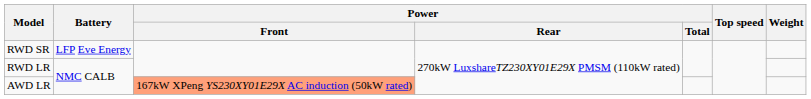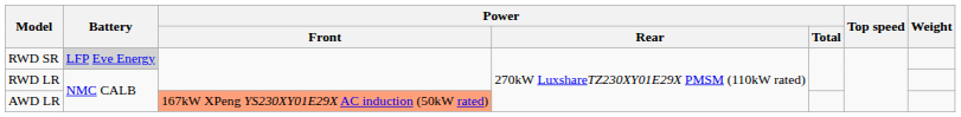 <table class="wikitable">
 <tr>
 <th rowspan="2">Model</th>
 <th rowspan="2">Battery</th>
 <th colspan="3">Power</th>
 <th rowspan="2">Top speed</th>
 <th rowspan="2">Weight</th>
 </tr>
 <tr>
 <th>Front</th>
 <th>Rear</th>
 <th>Total</th>
 </tr>
 <tr>
 <td>RWD SR</td>
-<td><a href='#'>LFP</a> <a href='#'>Eve Energy</a></td>
+<td style="background: lightgrey;"><a href='#'>LFP</a> <a href='#'>Eve Energy</a></td>
 <td rowspan="2"></td>
 <td rowspan="3">270kW <a href='#'>Luxshare</a><em>TZ230XY01E29X</em> <a href='#'>PMSM</a> (110kW rated)</td>
 <td rowspan="2"></td>
 <td rowspan="3"></td>
 <td></td>
 </tr>
 <tr>
 <td>RWD LR</td>
 <td rowspan="2"><a href='#'>NMC</a> CALB</td>
 <td></td>
 </tr>
 <tr>
 <td>AWD LR</td>
 <td style="background: lightsalmon;">167kW XPeng <em>YS230XY01E29X</em> <a href='#'>AC induction</a> (50kW <a href='#'>rated</a>)</td>
 <td></td>
 <td></td>
 </tr>
 </table>
